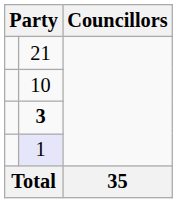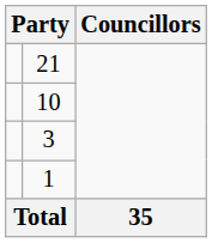 <table class="wikitable">
 <tr>
 <th colspan=2>Party</th>
 <th>Councillors</th>
 </tr>
 <tr>
 <td></td>
 <td align=center>21</td>
 </tr>
 <tr>
 <td></td>
 <td align=center>10</td>
 </tr>
 <tr>
 <td></td>
-<td align=center><strong>3</strong></td>
+<td align=center>3</td>
 </tr>
 <tr>
 <td></td>
-<td align=center style="background: lavender;">1</td>
+<td align=center>1</td>
 </tr>
 <tr>
 <th colspan=2>Total</th>
 <th align=center>35</th>
 </tr>
 </table>
